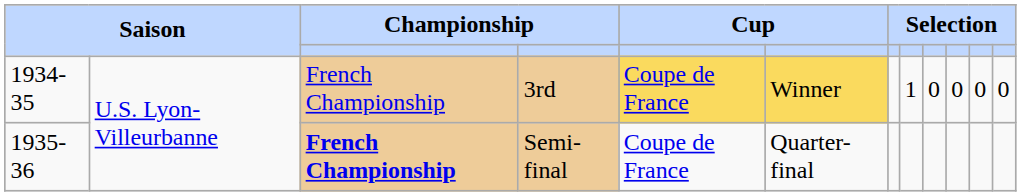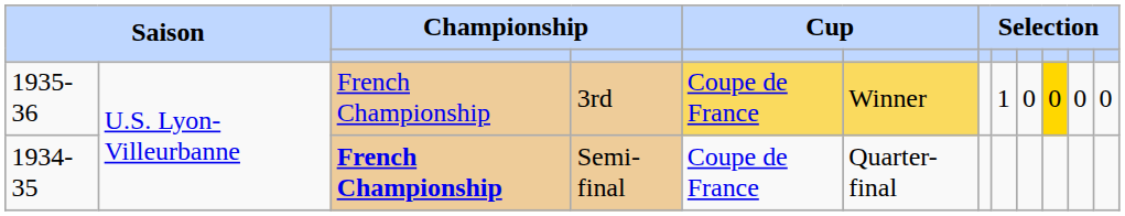 <table class="wikitable" style="font-size:90%; style="text-align:center">
 <tr>
 <th colspan="2" rowspan="2" scope="col" style="background-color:#BFD7FF; color:#000000;">Saison</th>
 <th colspan="2" scope="col" style="background-color:#BFD7FF; color:#000000;">Championship</th>
 <th colspan="2" scope="col" style="background-color:#BFD7FF; color:#000000;">Cup</th>
 <th colspan="7" scope="col" style="background-color:#BFD7FF; color:#000000;">Selection</th>
 </tr>
 <tr>
 <th scope="col" style="background-color:#BFD7FF; color:#000000;"></th>
 <th scope="col" style="background-color:#BFD7FF; color:#000000;"></th>
 <th scope="col" style="background-color:#BFD7FF; color:#000000;"></th>
 <th scope="col" style="background-color:#BFD7FF; color:#000000;"></th>
 <th scope="col" style="background-color:#BFD7FF; color:#000000;"></th>
 <th scope="col" style="background-color:#BFD7FF; color:#000000;"></th>
 <th scope="col" style="background-color:#BFD7FF; color:#000000;"></th>
 <th scope="col" style="background-color:#BFD7FF; color:#000000;"></th>
 <th scope="col" style="background-color:#BFD7FF; color:#000000;"></th>
 <th scope="col" style="background-color:#BFD7FF; color:#000000;"></th>
 </tr>
 <tr>
-<td style="text-align:left">1934-35</td>
+<td style="text-align:left">1935-36</td>
 <td rowspan="2"> <a href='#'>U.S. Lyon-Villeurbanne</a></td>
 <td bgcolor=#eecc99><a href='#'>French Championship</a></td>
 <td bgcolor=#eecc99>3rd</td>
 <td bgcolor=#FADA5E><a href='#'>Coupe de France</a></td>
 <td bgcolor=#FADA5E>Winner</td>
 <td></td>
 <td>1</td>
 <td>0</td>
-<td>0</td>
+<td style="background: gold;">0</td>
 <td>0</td>
 <td>0</td>
 </tr>
 <tr>
-<td style="text-align:left">1935-36</td>
+<td style="text-align:left">1934-35</td>
 <td bgcolor=#eecc99><strong><a href='#'>French Championship</a></strong></td>
 <td bgcolor=#eecc99>Semi-final</td>
 <td><a href='#'>Coupe de France</a></td>
 <td>Quarter-final</td>
 <td></td>
 <td></td>
 <td></td>
 <td></td>
 <td></td>
 <td></td>
 </tr>
 </table>
